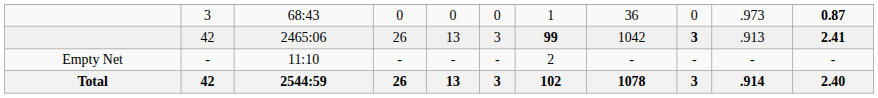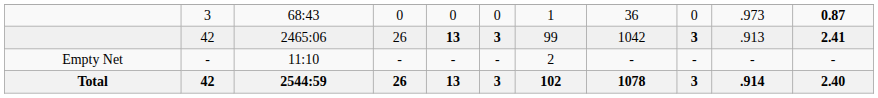 <table class="wikitable sortable" width ="1000">
 <tr align="center">
 </tr>
 <tr align="center" bgcolor="">
 <td></td>
 <td>3</td>
 <td>68:43</td>
 <td>0</td>
 <td>0</td>
 <td>0</td>
 <td>1</td>
 <td>36</td>
 <td>0</td>
 <td>.973</td>
 <td><strong>0.87</strong></td>
 </tr>
 <tr align="center" bgcolor="f0f0f0">
 <td></td>
 <td>42</td>
 <td>2465:06</td>
 <td>26</td>
-<td>13</td>
-<td>3</td>
-<td><strong>99</strong></td>
+<td><strong>13</strong></td>
+<td><strong>3</strong></td>
+<td>99</td>
 <td>1042</td>
 <td><strong>3</strong></td>
 <td>.913</td>
 <td><strong>2.41</strong></td>
 </tr>
 <tr align="center" bgcolor="">
 <td>Empty Net</td>
 <td>-</td>
 <td>11:10</td>
 <td>-</td>
 <td>-</td>
 <td>-</td>
 <td>2</td>
 <td>-</td>
 <td>-</td>
 <td>-</td>
 <td>-</td>
 </tr>
 <tr>
 <th>Total</th>
 <th>42</th>
 <th>2544:59</th>
 <th>26</th>
 <th>13</th>
 <th>3</th>
 <th>102</th>
 <th>1078</th>
 <th>3</th>
 <th>.914</th>
 <th>2.40</th>
 </tr>
 </table>
